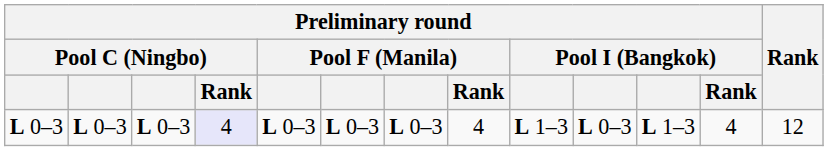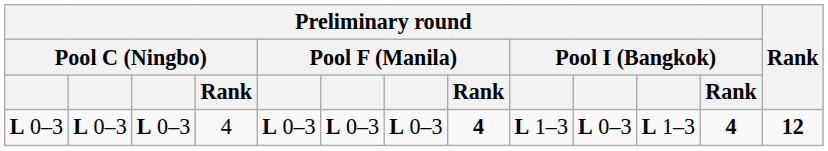 <table class="wikitable" style="font-size:100%;">
 <tr>
 <th colspan=12>Preliminary round</th>
 <th rowspan=3>Rank</th>
 </tr>
 <tr>
 <th colspan=4>Pool C (Ningbo)</th>
 <th colspan=4>Pool F (Manila)</th>
 <th colspan=4>Pool I (Bangkok)</th>
 </tr>
 <tr>
 <th></th>
 <th></th>
 <th></th>
 <th>Rank</th>
 <th></th>
 <th></th>
 <th></th>
 <th>Rank</th>
 <th></th>
 <th></th>
 <th></th>
 <th>Rank</th>
 </tr>
 <tr align=center>
 <td><strong>L</strong> 0–3</td>
 <td><strong>L</strong> 0–3</td>
 <td><strong>L</strong> 0–3</td>
-<td style="background: lavender;">4</td>
+<td>4</td>
 <td><strong>L</strong> 0–3</td>
 <td><strong>L</strong> 0–3</td>
 <td><strong>L</strong> 0–3</td>
-<td>4</td>
+<td><strong>4</strong></td>
 <td><strong>L</strong> 1–3</td>
 <td><strong>L</strong> 0–3</td>
 <td><strong>L</strong> 1–3</td>
-<td>4</td>
-<td>12</td>
+<td><strong>4</strong></td>
+<td><strong>12</strong></td>
 </tr>
 </table>
